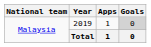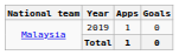 <table class="wikitable" style="text-align:center">
 <tr>
 <th>National team</th>
 <th>Year</th>
 <th>Apps</th>
 <th>Goals</th>
 </tr>
 <tr>
 <td rowspan=2><a href='#'>Malaysia</a></td>
 <td>2019</td>
 <td>1</td>
-<td style="background: lightgrey;">0</td>
+<td>0</td>
 </tr>
 <tr>
 <th colspan=1>Total</th>
 <th>1</th>
 <th>0</th>
 </tr>
 </table>
